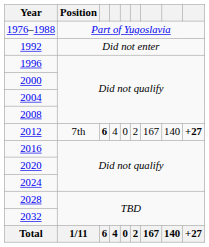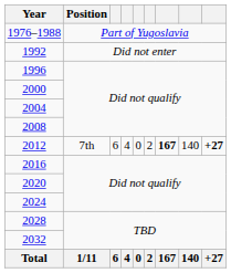 <table class="wikitable" style="text-align: center;">
 <tr>
 <th>Year</th>
 <th>Position</th>
 <th></th>
 <th></th>
 <th></th>
 <th></th>
 <th></th>
 <th></th>
 <th></th>
 </tr>
 <tr>
 <td><a href='#'>1976</a>–<a href='#'>1988</a></td>
 <td colspan="8"><em><a href='#'>Part of Yugoslavia</a></em></td>
 </tr>
 <tr>
 <td> <a href='#'>1992</a></td>
 <td colspan="8"><em>Did not enter</em></td>
 </tr>
 <tr>
 <td> <a href='#'>1996</a></td>
 <td colspan="8" rowspan="4"><em>Did not qualify</em></td>
 </tr>
 <tr>
 <td> <a href='#'>2000</a></td>
 </tr>
 <tr>
 <td> <a href='#'>2004</a></td>
 </tr>
 <tr>
 <td> <a href='#'>2008</a></td>
 </tr>
 <tr>
 <td> <a href='#'>2012</a></td>
 <td>7th</td>
-<td><strong>6</strong></td>
+<td>6</td>
 <td>4</td>
 <td>0</td>
 <td>2</td>
-<td>167</td>
+<td><strong>167</strong></td>
 <td>140</td>
 <td><strong>+27</strong></td>
 </tr>
 <tr>
 <td> <a href='#'>2016</a></td>
 <td colspan="8" rowspan="3"><em>Did not qualify</em></td>
 </tr>
 <tr>
 <td> <a href='#'>2020</a></td>
 </tr>
 <tr>
 <td> <a href='#'>2024</a></td>
 </tr>
 <tr>
 <td> <a href='#'>2028</a></td>
 <td colspan="8" rowspan="2"><em>TBD</em></td>
 </tr>
 <tr>
 <td> <a href='#'>2032</a></td>
 </tr>
 <tr>
 <th>Total</th>
 <th>1/11</th>
 <th>6</th>
 <th>4</th>
 <th>0</th>
 <th>2</th>
 <th>167</th>
 <th>140</th>
 <th>+27</th>
 </tr>
 </table>
